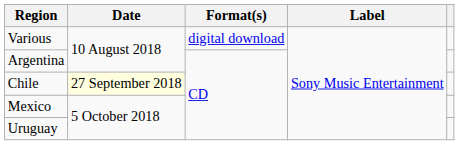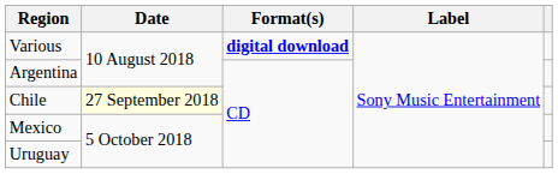 <table class="wikitable plainrowheaders">
 <tr>
 <th scope="col">Region</th>
 <th scope="col">Date</th>
 <th scope="col">Format(s)</th>
 <th scope="col">Label</th>
 <th scope="col"></th>
 </tr>
 <tr>
 <td scope="row">Various</td>
 <td rowspan="2">10 August 2018</td>
-<td><a href='#'>digital download</a></td>
+<td><strong><a href='#'>digital download</a></strong></td>
 <td rowspan="5"><a href='#'>Sony Music Entertainment</a></td>
 <td style="text-align:center;"></td>
 </tr>
 <tr>
 <td scope="row">Argentina</td>
 <td rowspan="4"><a href='#'>CD</a></td>
 <td style="text-align:center;"></td>
 </tr>
 <tr>
 <td scope="row">Chile</td>
 <td style="background: lightyellow;">27 September 2018</td>
 <td style="text-align:center;"></td>
 </tr>
 <tr>
 <td scope="row">Mexico</td>
 <td rowspan="2">5 October 2018</td>
 <td style="text-align:center;"></td>
 </tr>
 <tr>
 <td scope="row">Uruguay</td>
 <td style="text-align:center;"></td>
 </tr>
 </table>
